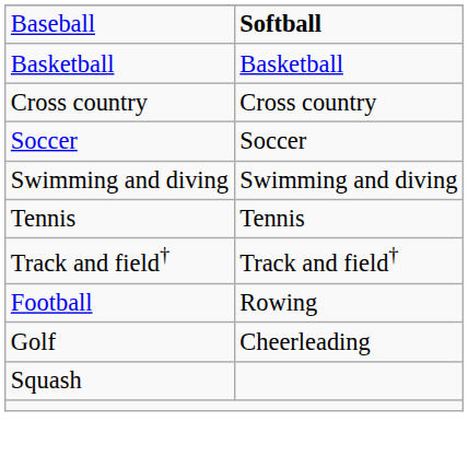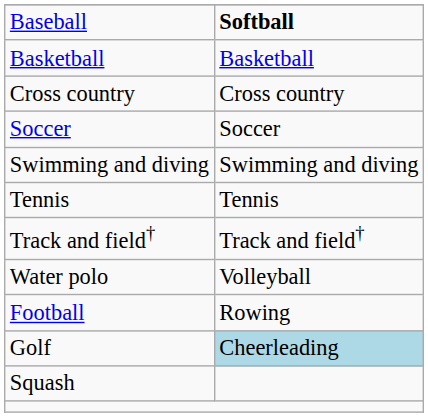 <table class="wikitable" style=" ">
 <tr>
 </tr>
 <tr>
 <td><a href='#'>Baseball</a></td>
 <td><strong>Softball</strong></td>
 </tr>
 <tr>
 <td><a href='#'>Basketball</a></td>
 <td><a href='#'>Basketball</a></td>
 </tr>
 <tr>
 <td>Cross country</td>
 <td>Cross country</td>
 </tr>
 <tr>
 <td><a href='#'>Soccer</a></td>
 <td>Soccer</td>
 </tr>
 <tr>
 <td>Swimming and diving</td>
 <td>Swimming and diving</td>
 </tr>
 <tr>
 <td>Tennis</td>
 <td>Tennis</td>
 </tr>
 <tr>
 <td>Track and field<sup>†</sup></td>
 <td>Track and field<sup>†</sup></td>
 </tr>
 <tr>
+<td>Water polo</td>
+<td>Volleyball</td>
+</tr>
+<tr>
 <td><a href='#'>Football</a></td>
 <td>Rowing</td>
 </tr>
 <tr>
 <td>Golf</td>
-<td>Cheerleading</td>
+<td style="background: lightblue;">Cheerleading</td>
 </tr>
 <tr>
 <td>Squash</td>
 <td></td>
 </tr>
 <tr>
 <td colspan="2"></td>
 </tr>
 </table>
